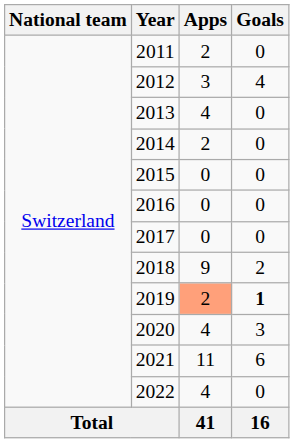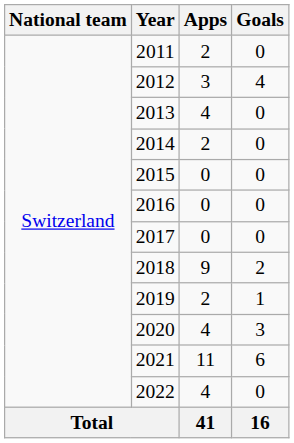 <table class="wikitable" style="text-align:center">
 <tr>
 <th>National team</th>
 <th>Year</th>
 <th>Apps</th>
 <th>Goals</th>
 </tr>
 <tr>
 <td rowspan="12"><a href='#'>Switzerland</a></td>
 <td>2011</td>
 <td>2</td>
 <td>0</td>
 </tr>
 <tr>
 <td>2012</td>
 <td>3</td>
 <td>4</td>
 </tr>
 <tr>
 <td>2013</td>
 <td>4</td>
 <td>0</td>
 </tr>
 <tr>
 <td>2014</td>
 <td>2</td>
 <td>0</td>
 </tr>
 <tr>
 <td>2015</td>
 <td>0</td>
 <td>0</td>
 </tr>
 <tr>
 <td>2016</td>
 <td>0</td>
 <td>0</td>
 </tr>
 <tr>
 <td>2017</td>
 <td>0</td>
 <td>0</td>
 </tr>
 <tr>
 <td>2018</td>
 <td>9</td>
 <td>2</td>
 </tr>
 <tr>
 <td>2019</td>
-<td style="background: lightsalmon;">2</td>
-<td><strong>1</strong></td>
+<td>2</td>
+<td>1</td>
 </tr>
 <tr>
 <td>2020</td>
 <td>4</td>
 <td>3</td>
 </tr>
 <tr>
 <td>2021</td>
 <td>11</td>
 <td>6</td>
 </tr>
 <tr>
 <td>2022</td>
 <td>4</td>
 <td>0</td>
 </tr>
 <tr>
 <th colspan="2">Total</th>
 <th>41</th>
 <th>16</th>
 </tr>
 </table>
